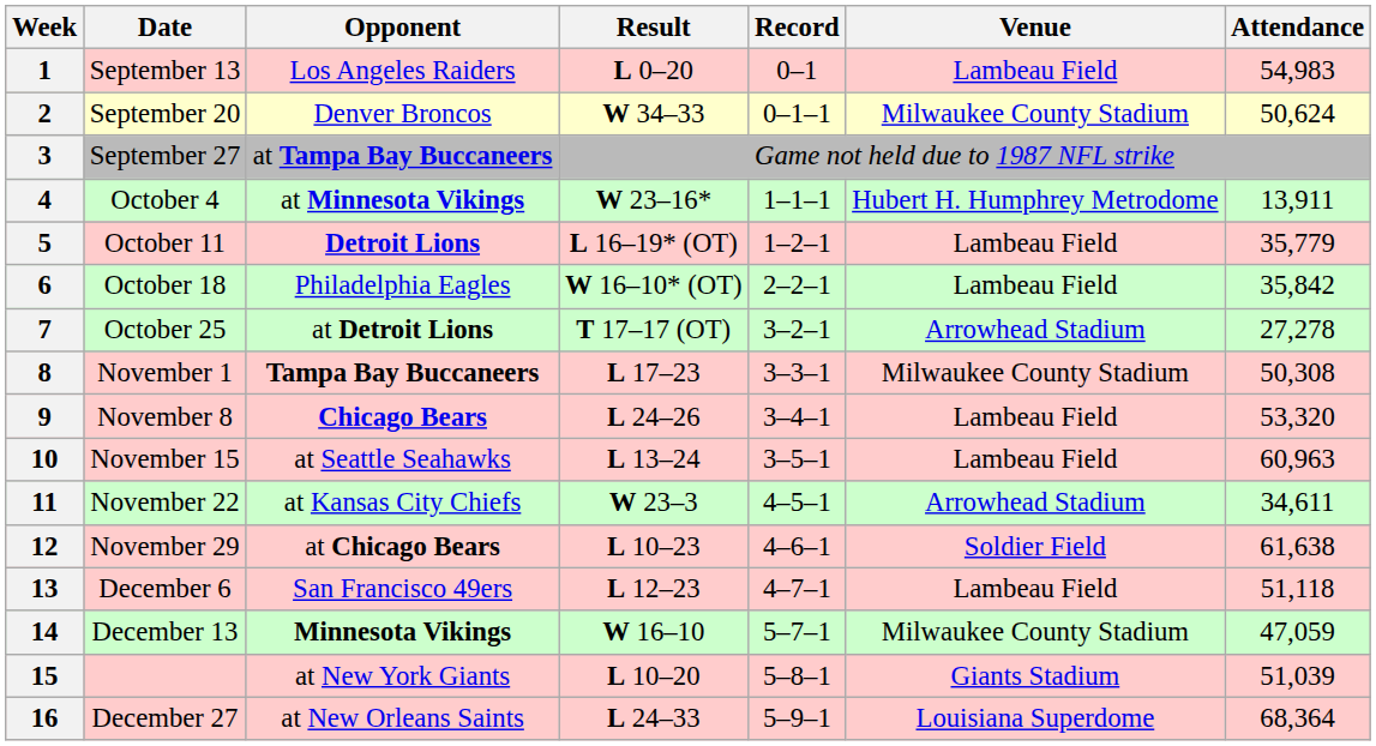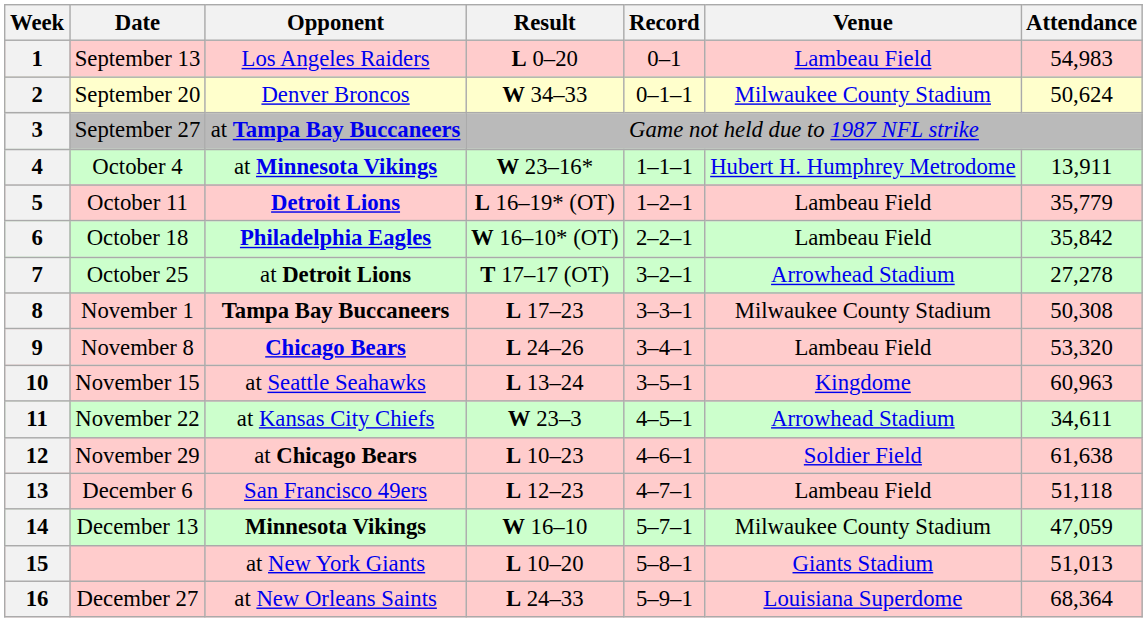 <table class="wikitable" style="text-align:center">
 <tr>
 <th>Week</th>
 <th>Date</th>
 <th>Opponent</th>
 <th>Result</th>
 <th>Record</th>
 <th>Venue</th>
 <th>Attendance</th>
 </tr>
 <tr style="background:#fcc">
 <th>1</th>
 <td>September 13</td>
 <td><a href='#'>Los Angeles Raiders</a></td>
 <td><strong>L</strong> 0–20</td>
 <td>0–1</td>
 <td><a href='#'>Lambeau Field</a></td>
 <td>54,983</td>
 </tr>
 <tr style="background:#ffc">
 <th>2</th>
 <td>September 20</td>
 <td><a href='#'>Denver Broncos</a></td>
 <td><strong>W</strong> 34–33</td>
 <td>0–1–1</td>
 <td><a href='#'>Milwaukee County Stadium</a></td>
 <td>50,624</td>
 </tr>
 <tr style="background:#bababa">
 <th>3</th>
 <td>September 27</td>
 <td>at <strong><a href='#'>Tampa Bay Buccaneers</a></strong></td>
 <td colspan=4align="center"><em>Game not held due to <a href='#'>1987 NFL strike</a></em></td>
 </tr>
 <tr style="background:#cfc">
 <th>4</th>
 <td>October 4</td>
 <td>at <strong><a href='#'>Minnesota Vikings</a></strong></td>
 <td><strong>W</strong> 23–16*</td>
 <td>1–1–1</td>
 <td><a href='#'>Hubert H. Humphrey Metrodome</a></td>
 <td>13,911</td>
 </tr>
 <tr style="background:#fcc">
 <th>5</th>
 <td>October 11</td>
 <td><strong><a href='#'>Detroit Lions</a></strong></td>
 <td><strong>L</strong> 16–19* (OT)</td>
 <td>1–2–1</td>
 <td>Lambeau Field</td>
 <td>35,779</td>
 </tr>
 <tr style="background:#cfc">
 <th>6</th>
 <td>October 18</td>
-<td><a href='#'>Philadelphia Eagles</a></td>
+<td><strong><a href='#'>Philadelphia Eagles</a></strong></td>
 <td><strong>W</strong> 16–10* (OT)</td>
 <td>2–2–1</td>
 <td>Lambeau Field</td>
 <td>35,842</td>
 </tr>
 <tr style="background:#cfc">
 <th>7</th>
 <td>October 25</td>
 <td>at <strong>Detroit Lions</strong></td>
 <td><strong>T</strong> 17–17 (OT)</td>
 <td>3–2–1</td>
 <td><a href='#'>Arrowhead Stadium</a></td>
 <td>27,278</td>
 </tr>
 <tr style="background:#fcc">
 <th>8</th>
 <td>November 1</td>
 <td><strong>Tampa Bay Buccaneers</strong></td>
 <td><strong>L</strong> 17–23</td>
 <td>3–3–1</td>
 <td>Milwaukee County Stadium</td>
 <td>50,308</td>
 </tr>
 <tr style="background:#fcc">
 <th>9</th>
 <td>November 8</td>
 <td><strong><a href='#'>Chicago Bears</a></strong></td>
 <td><strong>L</strong> 24–26</td>
 <td>3–4–1</td>
 <td>Lambeau Field</td>
 <td>53,320</td>
 </tr>
 <tr style="background:#fcc">
 <th>10</th>
 <td>November 15</td>
 <td>at <a href='#'>Seattle Seahawks</a></td>
 <td><strong>L</strong> 13–24</td>
 <td>3–5–1</td>
-<td>Lambeau Field</td>
+<td><a href='#'>Kingdome</a></td>
 <td>60,963</td>
 </tr>
 <tr style="background:#cfc">
 <th>11</th>
 <td>November 22</td>
 <td>at <a href='#'>Kansas City Chiefs</a></td>
 <td><strong>W</strong> 23–3</td>
 <td>4–5–1</td>
 <td><a href='#'>Arrowhead Stadium</a></td>
 <td>34,611</td>
 </tr>
 <tr style="background:#fcc">
 <th>12</th>
 <td>November 29</td>
 <td>at <strong>Chicago Bears</strong></td>
 <td><strong>L</strong> 10–23</td>
 <td>4–6–1</td>
 <td><a href='#'>Soldier Field</a></td>
 <td>61,638</td>
 </tr>
 <tr style="background:#fcc">
 <th>13</th>
 <td>December 6</td>
 <td><a href='#'>San Francisco 49ers</a></td>
 <td><strong>L</strong> 12–23</td>
 <td>4–7–1</td>
 <td>Lambeau Field</td>
 <td>51,118</td>
 </tr>
 <tr style="background:#cfc">
 <th>14</th>
 <td>December 13</td>
 <td><strong>Minnesota Vikings</strong></td>
 <td><strong>W</strong> 16–10</td>
 <td>5–7–1</td>
 <td>Milwaukee County Stadium</td>
 <td>47,059</td>
 </tr>
 <tr style="background:#fcc">
 <th>15</th>
 <td></td>
 <td>at <a href='#'>New York Giants</a></td>
 <td><strong>L</strong> 10–20</td>
 <td>5–8–1</td>
 <td><a href='#'>Giants Stadium</a></td>
-<td>51,039</td>
+<td>51,013</td>
 </tr>
 <tr style="background:#fcc">
 <th>16</th>
 <td>December 27</td>
 <td>at <a href='#'>New Orleans Saints</a></td>
 <td><strong>L</strong> 24–33</td>
 <td>5–9–1</td>
 <td><a href='#'>Louisiana Superdome</a></td>
 <td>68,364</td>
 </tr>
 </table>
